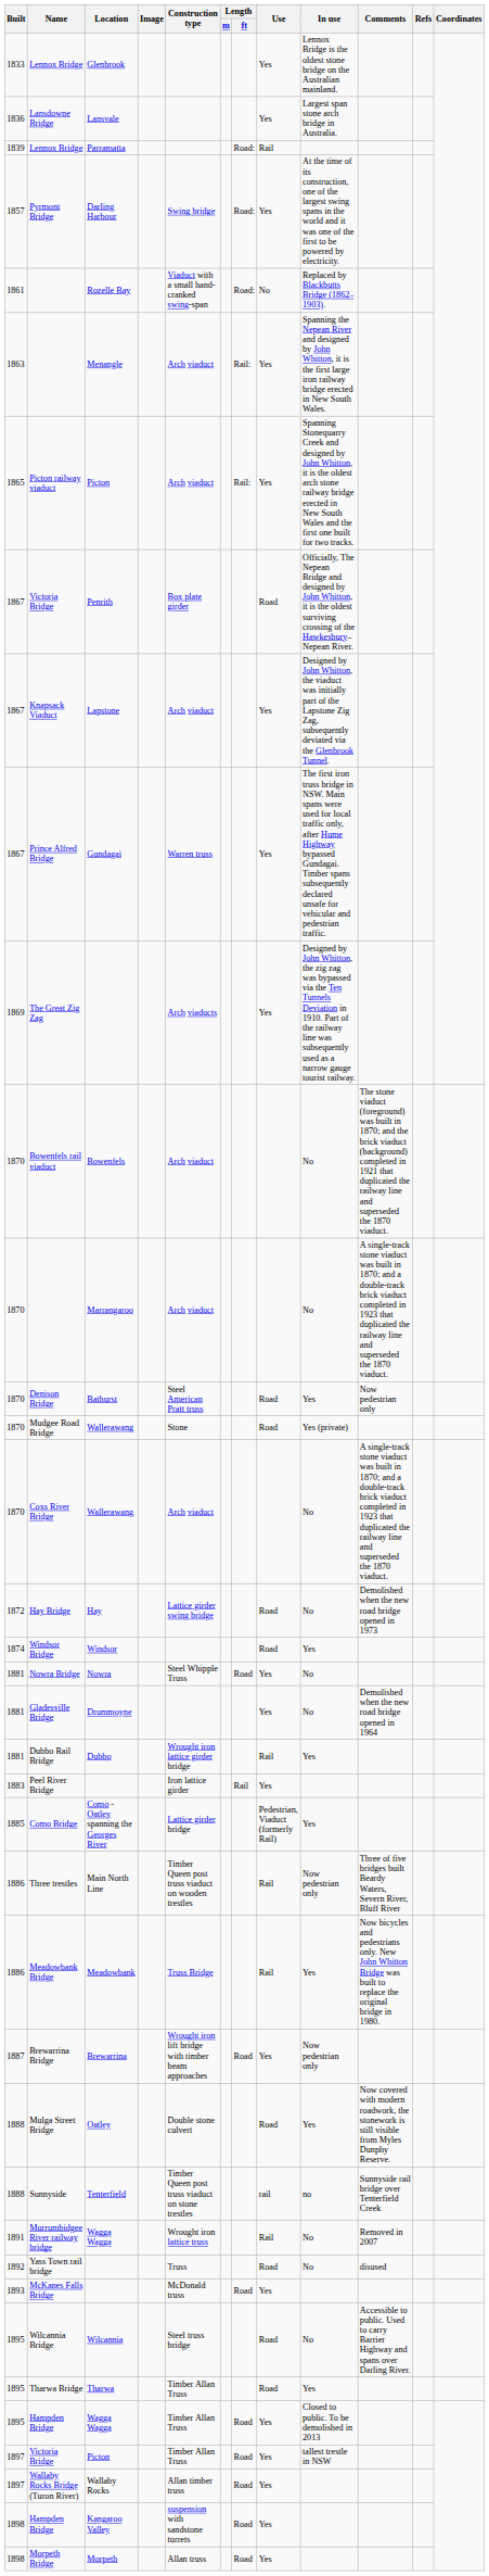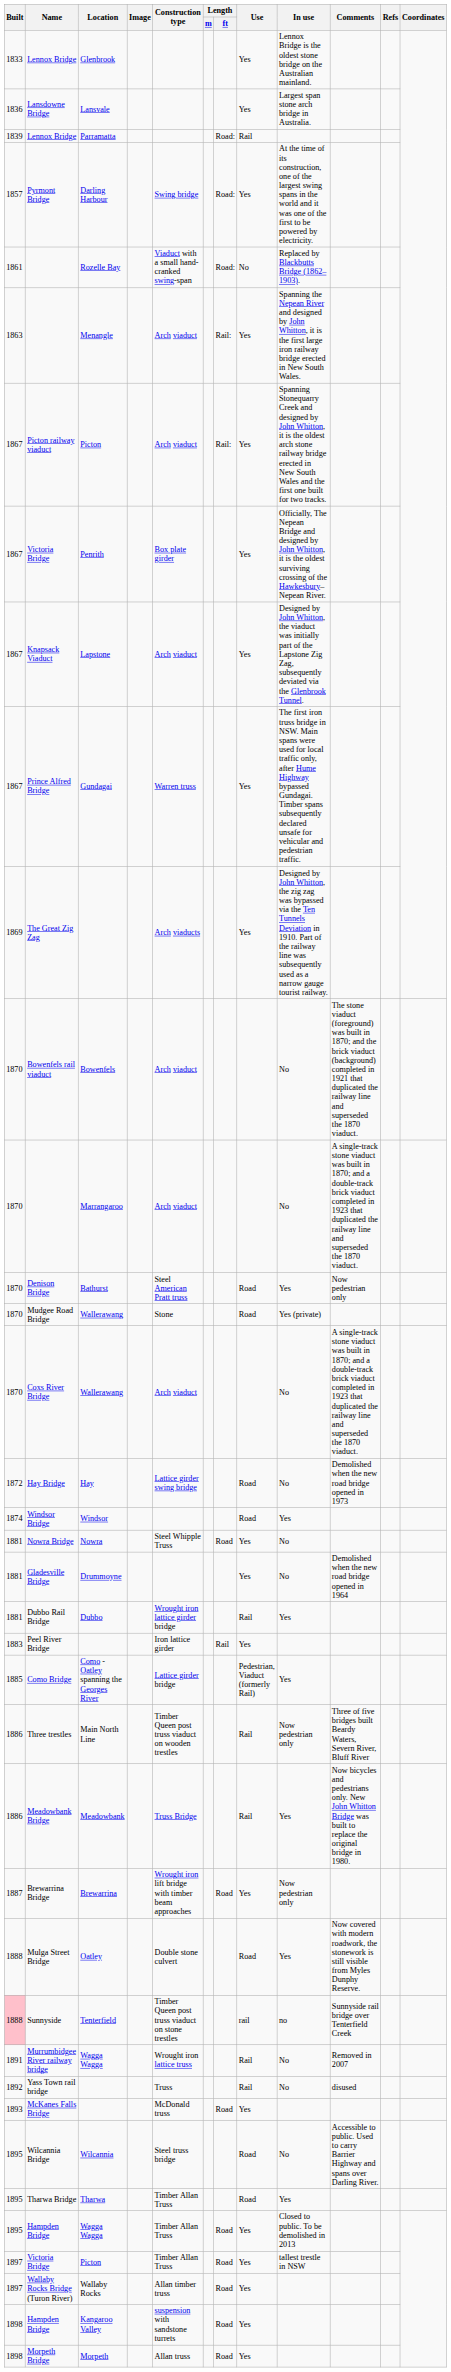 <table class="wikitable sortable">
 <tr>
 <th rowspan=2>Built</th>
 <th rowspan=2>Name</th>
 <th rowspan=2>Location</th>
 <th rowspan=2>Image</th>
 <th rowspan=2>Construction type<br></th>
 <th colspan=2>Length</th>
 <th rowspan=2>Use<br></th>
 <th rowspan=2>In use</th>
 <th rowspan=2>Comments</th>
 <th rowspan=2>Refs</th>
 <th rowspan=2>Coordinates</th>
 </tr>
 <tr>
 <th><a href='#'>m</a></th>
 <th><a href='#'>ft</a></th>
 </tr>
 <tr>
 <td>1833</td>
 <td><a href='#'>Lennox Bridge</a></td>
 <td><a href='#'>Glenbrook</a></td>
 <td></td>
 <td> </td>
 <td></td>
 <td> </td>
 <td>Yes</td>
 <td>Lennox Bridge is the oldest stone bridge on the Australian mainland.</td>
 <td></td>
 <td></td>
 </tr>
 <tr>
 <td>1836</td>
 <td><a href='#'>Lansdowne Bridge</a></td>
 <td><a href='#'>Lansvale</a></td>
 <td></td>
 <td> </td>
 <td></td>
 <td> </td>
 <td>Yes</td>
 <td>Largest span stone arch bridge in Australia.</td>
 <td></td>
 <td></td>
 </tr>
 <tr>
 <td>1839</td>
 <td><a href='#'>Lennox Bridge</a></td>
 <td><a href='#'>Parramatta</a></td>
 <td></td>
 <td> </td>
 <td></td>
 <td>Road:  </td>
 <td>Rail</td>
 <td></td>
 <td></td>
 <td></td>
 </tr>
 <tr>
 <td>1857</td>
 <td><a href='#'>Pyrmont Bridge</a></td>
 <td><a href='#'>Darling Harbour</a></td>
 <td></td>
 <td><a href='#'>Swing bridge</a><br></td>
 <td></td>
 <td>Road:  </td>
 <td>Yes</td>
 <td>At the time of its construction, one of the largest swing spans in the world and it was one of the first to be powered by electricity.</td>
 <td></td>
 <td></td>
 </tr>
 <tr>
 <td>1861</td>
 <td></td>
 <td><a href='#'>Rozelle Bay</a></td>
 <td></td>
 <td><a href='#'>Viaduct</a> with a small hand-cranked <a href='#'>swing</a>-span<br></td>
 <td></td>
 <td>Road: </td>
 <td>No</td>
 <td>Replaced by <a href='#'>Blackbutts Bridge (1862–1903)</a>.</td>
 <td></td>
 <td></td>
 </tr>
 <tr>
 <td>1863</td>
 <td></td>
 <td><a href='#'>Menangle</a></td>
 <td></td>
 <td><a href='#'>Arch</a> <a href='#'>viaduct</a> </td>
 <td></td>
 <td>Rail: </td>
 <td>Yes</td>
 <td>Spanning the <a href='#'>Nepean River</a> and designed by <a href='#'>John Whitton</a>, it is the first large iron railway bridge erected in New South Wales.</td>
 <td></td>
 <td></td>
 </tr>
 <tr>
-<td>1865</td>
+<td>1867</td>
 <td><a href='#'>Picton railway viaduct</a></td>
 <td><a href='#'>Picton</a></td>
 <td></td>
 <td><a href='#'>Arch</a> <a href='#'>viaduct</a> </td>
 <td></td>
 <td>Rail: </td>
 <td>Yes</td>
 <td>Spanning Stonequarry Creek and designed by <a href='#'>John Whitton</a>, it is the oldest arch stone railway bridge erected in New South Wales and the first one built for two tracks.</td>
 <td></td>
 <td></td>
 </tr>
 <tr>
 <td>1867</td>
 <td><a href='#'>Victoria Bridge</a></td>
 <td><a href='#'>Penrith</a></td>
 <td></td>
 <td><a href='#'>Box plate girder</a> </td>
 <td></td>
 <td> </td>
-<td>Road</td>
+<td>Yes</td>
 <td>Officially, The Nepean Bridge and designed by <a href='#'>John Whitton</a>, it is the oldest surviving crossing of the <a href='#'>Hawkesbury</a>–Nepean River.</td>
 <td></td>
 <td></td>
 </tr>
 <tr>
 <td>1867</td>
 <td><a href='#'>Knapsack Viaduct</a></td>
 <td><a href='#'>Lapstone</a></td>
 <td></td>
 <td><a href='#'>Arch</a> <a href='#'>viaduct</a> </td>
 <td></td>
 <td></td>
 <td>Yes</td>
 <td>Designed by <a href='#'>John Whitton</a>, the viaduct was initially part of the Lapstone Zig Zag, subsequently deviated via the <a href='#'>Glenbrook Tunnel</a>.</td>
 <td></td>
 <td></td>
 </tr>
 <tr>
 <td>1867</td>
 <td><a href='#'>Prince Alfred Bridge</a></td>
 <td><a href='#'>Gundagai</a></td>
 <td></td>
 <td><a href='#'>Warren truss</a> </td>
 <td></td>
 <td></td>
 <td>Yes</td>
 <td>The first iron truss bridge in NSW. Main spans were used for local traffic only, after <a href='#'>Hume Highway</a> bypassed Gundagai. Timber spans subsequently declared unsafe for vehicular and pedestrian traffic.</td>
 <td></td>
 <td></td>
 </tr>
 <tr>
 <td>1869</td>
 <td><a href='#'>The Great Zig Zag</a></td>
 <td></td>
 <td></td>
 <td><a href='#'>Arch</a> <a href='#'>viaducts</a> </td>
 <td></td>
 <td></td>
 <td>Yes</td>
 <td>Designed by <a href='#'>John Whitton</a>, the zig zag was bypassed via the <a href='#'>Ten Tunnels Deviation</a> in 1910. Part of the railway line was subsequently used as a narrow gauge tourist railway.</td>
 <td></td>
 <td></td>
 </tr>
 <tr>
 <td>1870</td>
 <td><a href='#'>Bowenfels rail viaduct</a></td>
 <td><a href='#'>Bowenfels</a></td>
 <td></td>
 <td><a href='#'>Arch</a> <a href='#'>viaduct</a> </td>
 <td></td>
 <td></td>
 <td></td>
 <td>No</td>
 <td>The stone viaduct (foreground) was built in 1870; and the brick viaduct (background) completed in 1921 that duplicated the railway line and superseded the 1870 viaduct.</td>
 <td></td>
 <td></td>
 </tr>
 <tr>
 <td>1870</td>
 <td></td>
 <td><a href='#'>Marrangaroo</a></td>
 <td></td>
 <td><a href='#'>Arch</a> <a href='#'>viaduct</a> </td>
 <td></td>
 <td></td>
 <td></td>
 <td>No</td>
 <td>A single-track stone viaduct was built in 1870; and a double-track brick viaduct completed in 1923 that duplicated the railway line and superseded the 1870 viaduct.</td>
 <td></td>
 <td></td>
 </tr>
 <tr>
 <td>1870</td>
 <td><a href='#'>Denison Bridge</a></td>
 <td><a href='#'>Bathurst</a></td>
 <td></td>
 <td>Steel <a href='#'>American Pratt truss</a></td>
 <td></td>
 <td></td>
 <td>Road</td>
 <td>Yes</td>
 <td>Now pedestrian only</td>
 <td></td>
 <td></td>
 </tr>
 <tr>
 <td>1870</td>
 <td>Mudgee Road Bridge</td>
 <td><a href='#'>Wallerawang</a></td>
 <td></td>
 <td>Stone</td>
 <td></td>
 <td></td>
 <td>Road</td>
 <td>Yes (private)</td>
 <td></td>
 <td></td>
 <td></td>
 </tr>
 <tr>
 <td>1870</td>
 <td><a href='#'>Coxs River Bridge</a></td>
 <td><a href='#'>Wallerawang</a></td>
 <td></td>
 <td><a href='#'>Arch</a> <a href='#'>viaduct</a> </td>
 <td></td>
 <td></td>
 <td></td>
 <td>No</td>
 <td>A single-track stone viaduct was built in 1870; and a double-track brick viaduct completed in 1923 that duplicated the railway line and superseded the 1870 viaduct.</td>
 <td></td>
 <td></td>
 </tr>
 <tr>
 <td>1872</td>
 <td><a href='#'>Hay Bridge</a></td>
 <td><a href='#'>Hay</a></td>
 <td></td>
 <td><a href='#'>Lattice girder</a> <a href='#'>swing bridge</a></td>
 <td></td>
 <td></td>
 <td>Road</td>
 <td>No</td>
 <td>Demolished when the new road bridge opened in 1973</td>
 <td></td>
 <td></td>
 </tr>
 <tr>
 <td>1874</td>
 <td><a href='#'>Windsor Bridge</a></td>
 <td><a href='#'>Windsor</a></td>
 <td></td>
 <td></td>
 <td></td>
 <td></td>
 <td>Road</td>
 <td>Yes</td>
 <td></td>
 <td></td>
 <td></td>
 </tr>
 <tr>
 <td>1881</td>
 <td><a href='#'>Nowra Bridge</a></td>
 <td><a href='#'>Nowra</a></td>
 <td></td>
 <td>Steel Whipple Truss</td>
 <td></td>
 <td>Road</td>
 <td>Yes</td>
 <td>No</td>
 <td></td>
 <td></td>
 </tr>
 <tr>
 <td>1881</td>
 <td><a href='#'>Gladesville Bridge</a><br></td>
 <td><a href='#'>Drummoyne</a></td>
 <td></td>
 <td></td>
 <td></td>
 <td></td>
 <td>Yes</td>
 <td>No</td>
 <td>Demolished when the new road bridge opened in 1964</td>
 <td></td>
 <td></td>
 </tr>
 <tr>
 <td>1881</td>
 <td>Dubbo Rail Bridge</td>
 <td><a href='#'>Dubbo</a></td>
 <td></td>
 <td><a href='#'>Wrought iron</a> <a href='#'>lattice girder</a> bridge</td>
 <td></td>
 <td></td>
 <td>Rail</td>
 <td>Yes</td>
 <td></td>
 <td></td>
 <td></td>
 </tr>
 <tr>
 <td>1883</td>
 <td>Peel River Bridge</td>
 <td></td>
 <td></td>
 <td>Iron lattice girder</td>
 <td></td>
 <td>Rail</td>
 <td>Yes</td>
 <td></td>
 <td></td>
 <td></td>
 </tr>
 <tr>
 <td>1885</td>
 <td><a href='#'>Como Bridge</a></td>
 <td><a href='#'>Como</a> - <a href='#'>Oatley</a> spanning the <a href='#'>Georges River</a></td>
 <td></td>
 <td><a href='#'>Lattice girder</a> bridge</td>
 <td></td>
 <td></td>
 <td>Pedestrian, Viaduct (formerly Rail)</td>
 <td>Yes</td>
 <td></td>
 <td></td>
 <td></td>
 </tr>
 <tr>
 <td>1886</td>
 <td>Three trestles</td>
 <td>Main North Line</td>
 <td></td>
 <td>Timber Queen post truss viaduct on wooden trestles</td>
 <td></td>
 <td></td>
 <td>Rail</td>
 <td>Now pedestrian only</td>
 <td>Three of five bridges built<br>Beardy Waters, Severn River, Bluff River</td>
 <td></td>
 <td><br><br></td>
 </tr>
 <tr>
 <td>1886</td>
 <td><a href='#'>Meadowbank Bridge</a></td>
 <td><a href='#'>Meadowbank</a></td>
 <td></td>
 <td><a href='#'>Truss Bridge</a></td>
 <td></td>
 <td></td>
 <td>Rail</td>
 <td>Yes</td>
 <td>Now bicycles and pedestrians only. New <a href='#'>John Whitton Bridge</a> was built to replace the original bridge in 1980.</td>
 <td></td>
 <td></td>
 </tr>
 <tr>
 <td>1887</td>
 <td>Brewarrina Bridge</td>
 <td><a href='#'>Brewarrina</a></td>
 <td></td>
 <td><a href='#'>Wrought iron</a> lift bridge with timber beam approaches</td>
 <td></td>
 <td>Road</td>
 <td>Yes</td>
 <td>Now pedestrian only</td>
 <td></td>
 <td></td>
 </tr>
 <tr>
 <td>1888</td>
 <td>Mulga Street Bridge</td>
 <td><a href='#'>Oatley</a></td>
 <td></td>
 <td>Double stone culvert</td>
 <td></td>
 <td></td>
 <td>Road</td>
 <td>Yes</td>
 <td>Now covered with modern roadwork, the stonework is still visible from Myles Dunphy Reserve.</td>
 <td></td>
 <td></td>
 </tr>
 <tr>
-<td>1888</td>
+<td style="background: pink;">1888</td>
 <td>Sunnyside</td>
 <td><a href='#'>Tenterfield</a></td>
 <td></td>
 <td>Timber Queen post truss viaduct on stone trestles</td>
 <td></td>
 <td></td>
 <td>rail</td>
 <td>no</td>
 <td>Sunnyside rail bridge over Tenterfield Creek</td>
 <td></td>
 <td></td>
 </tr>
 <tr>
 <td>1891</td>
 <td><a href='#'>Murrumbidgee River railway bridge</a></td>
 <td><a href='#'>Wagga Wagga</a></td>
 <td></td>
 <td>Wrought iron <a href='#'>lattice truss</a></td>
 <td></td>
 <td></td>
 <td>Rail</td>
 <td>No</td>
 <td>Removed in 2007</td>
 <td></td>
 <td></td>
 </tr>
 <tr>
 <td>1892</td>
 <td>Yass Town rail bridge</td>
 <td></td>
 <td></td>
 <td>Truss</td>
 <td></td>
 <td></td>
-<td>Road</td>
+<td>Rail</td>
 <td>No</td>
 <td>disused</td>
 <td></td>
 <td></td>
 </tr>
 <tr>
 <td>1893</td>
 <td><a href='#'>McKanes Falls Bridge</a></td>
 <td></td>
 <td></td>
 <td>McDonald truss</td>
 <td></td>
 <td>Road</td>
 <td>Yes</td>
 <td></td>
 <td></td>
 <td></td>
 </tr>
 <tr>
 <td>1895</td>
 <td>Wilcannia Bridge</td>
 <td><a href='#'>Wilcannia</a></td>
 <td></td>
 <td>Steel truss bridge</td>
 <td></td>
 <td></td>
 <td>Road</td>
 <td>No</td>
 <td>Accessible to public. Used to carry Barrier Highway and spans over Darling River.</td>
 <td></td>
 <td></td>
 </tr>
 <tr>
 <td>1895</td>
 <td>Tharwa Bridge</td>
 <td><a href='#'>Tharwa</a></td>
 <td></td>
 <td>Timber Allan Truss</td>
 <td></td>
 <td></td>
 <td>Road</td>
 <td>Yes</td>
 <td></td>
 <td></td>
 <td></td>
 </tr>
 <tr>
 <td>1895</td>
 <td><a href='#'>Hampden Bridge</a></td>
 <td><a href='#'>Wagga Wagga</a></td>
 <td></td>
 <td>Timber Allan Truss</td>
 <td></td>
 <td>Road</td>
 <td>Yes</td>
 <td>Closed to public. To be demolished in 2013</td>
 <td></td>
 <td></td>
 </tr>
 <tr>
 <td>1897</td>
 <td><a href='#'>Victoria Bridge</a></td>
 <td><a href='#'>Picton</a></td>
 <td></td>
 <td>Timber Allan Truss</td>
 <td></td>
 <td>Road</td>
 <td>Yes</td>
 <td>tallest trestle in NSW</td>
 <td></td>
 <td></td>
 </tr>
 <tr>
 <td>1897</td>
 <td><a href='#'>Wallaby Rocks Bridge</a> (Turon River)</td>
 <td>Wallaby Rocks</td>
 <td></td>
 <td>Allan timber truss</td>
 <td></td>
 <td>Road</td>
 <td>Yes</td>
 <td></td>
 <td></td>
 <td></td>
 </tr>
 <tr>
 <td>1898</td>
 <td><a href='#'>Hampden Bridge</a></td>
 <td><a href='#'>Kangaroo Valley</a></td>
 <td></td>
 <td><a href='#'>suspension</a> with sandstone turrets</td>
 <td></td>
 <td>Road</td>
 <td>Yes</td>
 <td></td>
 <td></td>
 <td></td>
 </tr>
 <tr>
 <td>1898</td>
 <td><a href='#'>Morpeth Bridge</a></td>
 <td><a href='#'>Morpeth</a></td>
 <td></td>
 <td>Allan truss</td>
 <td></td>
 <td>Road</td>
 <td>Yes</td>
 <td></td>
 <td></td>
 <td></td>
 </tr>
 </table>
